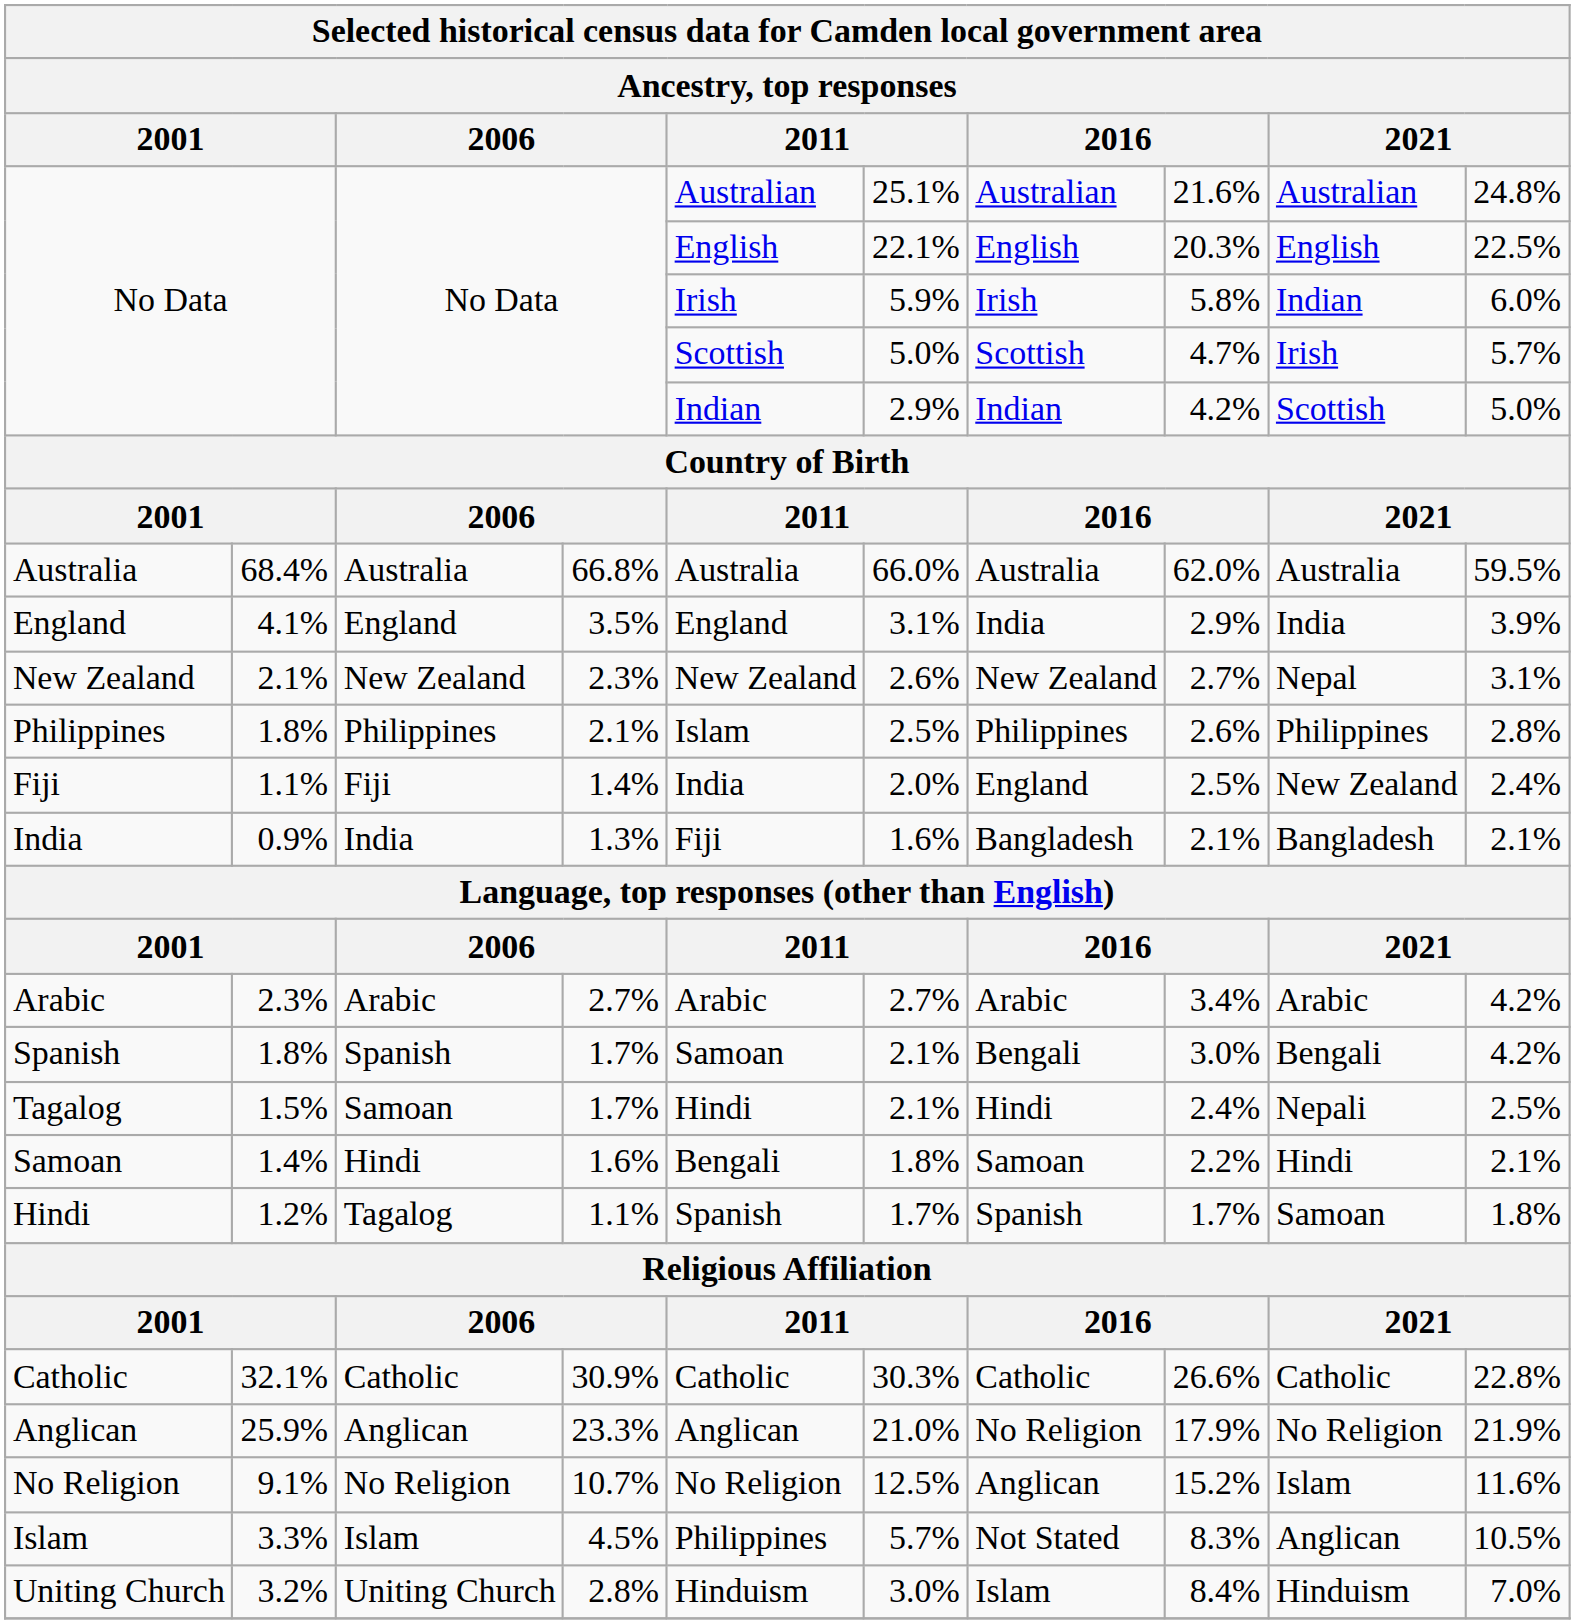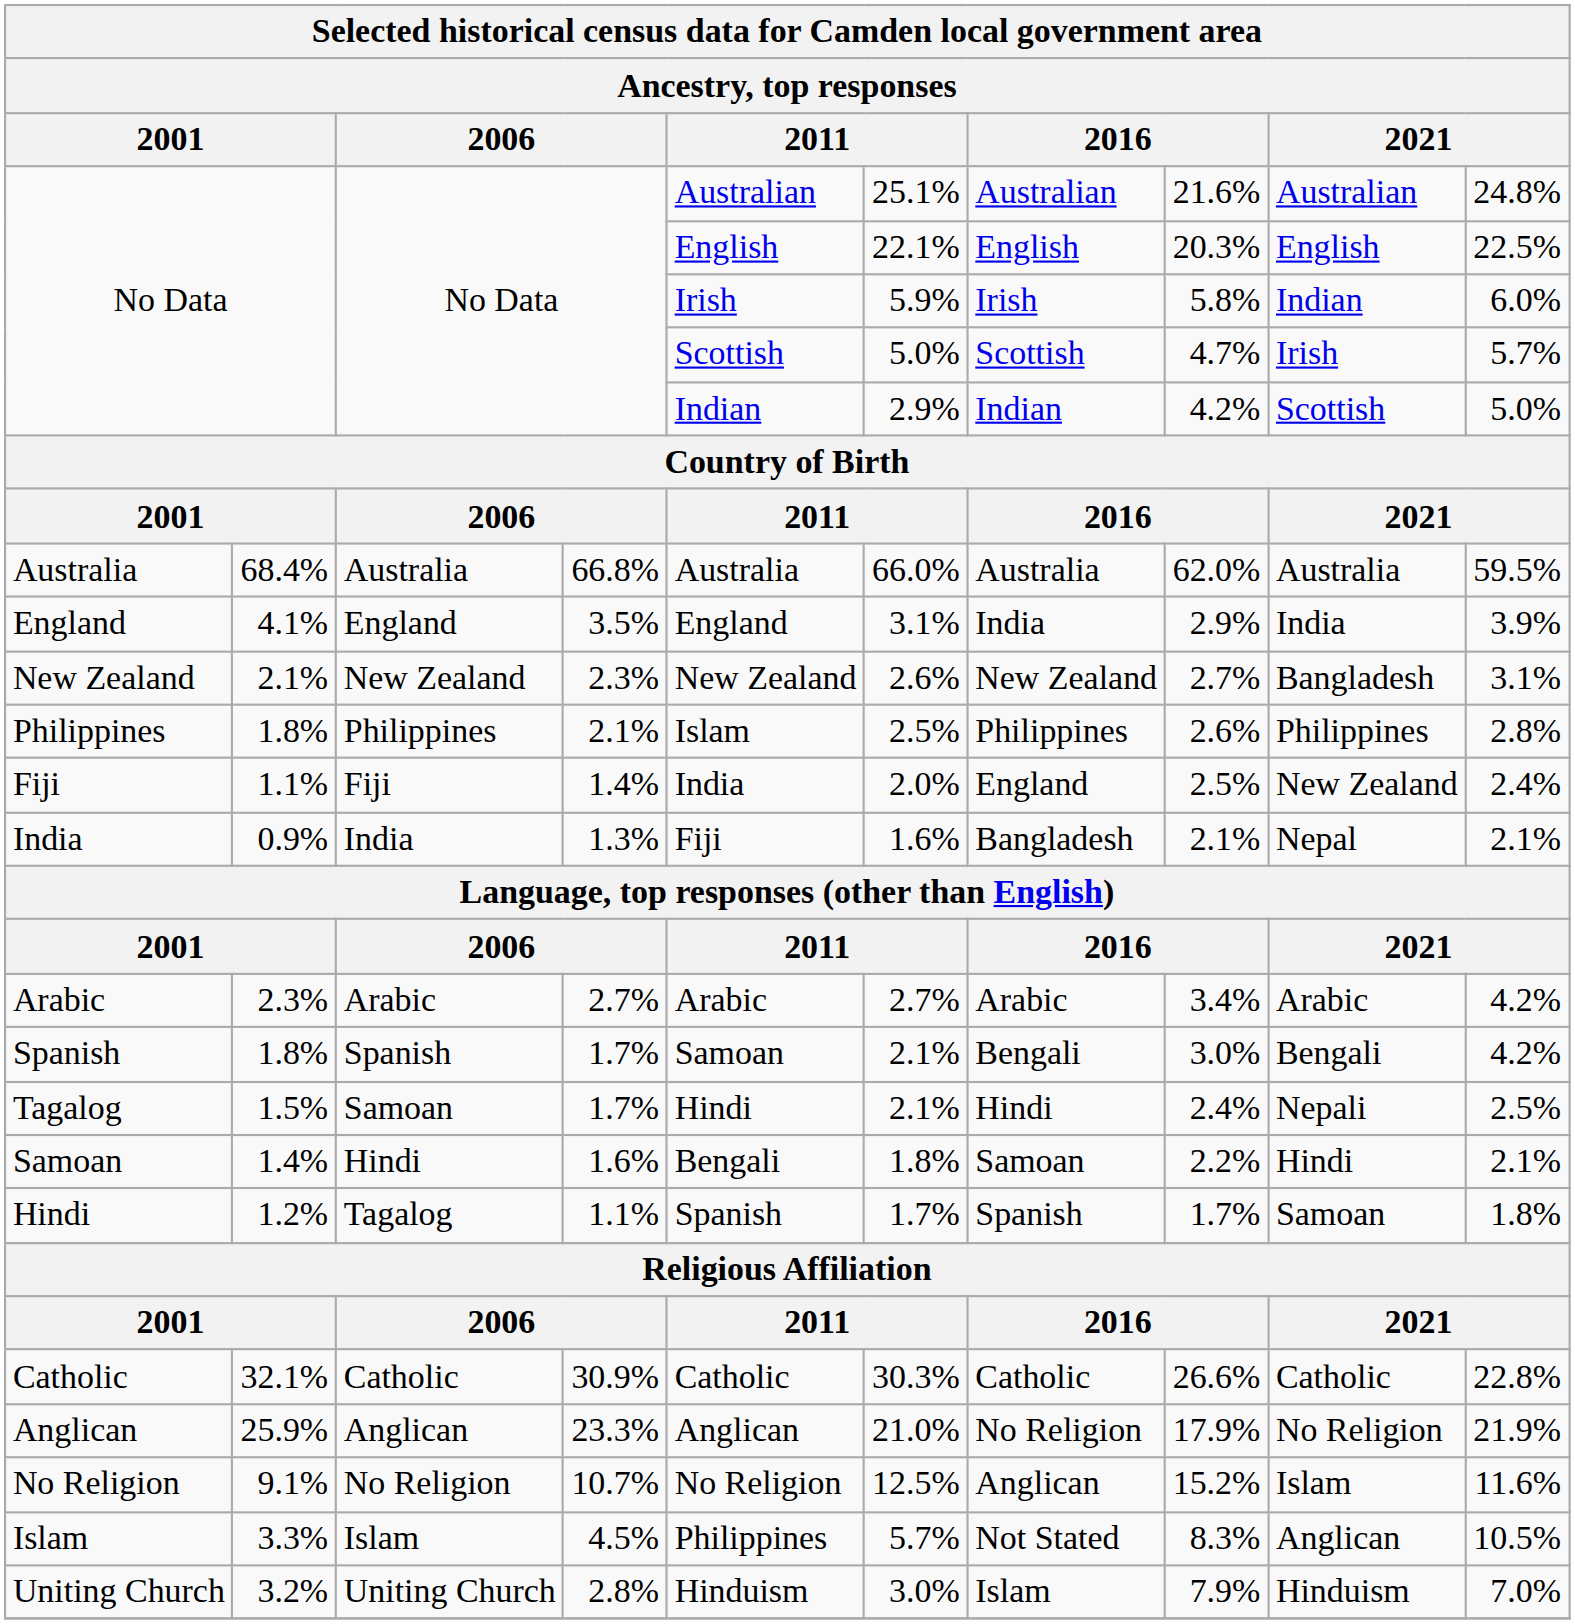 <table class="wikitable">
 <tr>
 <th colspan=10>Selected historical census data for Camden local government area</th>
 </tr>
 <tr>
 <th colspan=10>Ancestry, top responses</th>
 </tr>
 <tr>
 <th colspan=2>2001</th>
 <th colspan=2>2006</th>
 <th colspan=2>2011</th>
 <th colspan=2>2016</th>
 <th colspan=2>2021</th>
 </tr>
 <tr>
 <td rowspan=5 colspan= 2 align="center">No Data</td>
 <td rowspan=5 colspan= 2 align="center">No Data</td>
 <td><a href='#'>Australian</a></td>
 <td align="right">25.1%</td>
 <td><a href='#'>Australian</a></td>
 <td align="right"> 21.6%</td>
 <td><a href='#'>Australian</a></td>
 <td align="right"> 24.8%</td>
 </tr>
 <tr>
 <td><a href='#'>English</a></td>
 <td align="right">22.1%</td>
 <td><a href='#'>English</a></td>
 <td align="right"> 20.3%</td>
 <td><a href='#'>English</a></td>
 <td align="right"> 22.5%</td>
 </tr>
 <tr>
 <td><a href='#'>Irish</a></td>
 <td align="right">5.9%</td>
 <td><a href='#'>Irish</a></td>
 <td align="right"> 5.8%</td>
 <td><a href='#'>Indian</a></td>
 <td align="right"> 6.0%</td>
 </tr>
 <tr>
 <td><a href='#'>Scottish</a></td>
 <td align="right">5.0%</td>
 <td><a href='#'>Scottish</a></td>
 <td align="right"> 4.7%</td>
 <td><a href='#'>Irish</a></td>
 <td align="right"> 5.7%</td>
 </tr>
 <tr>
 <td><a href='#'>Indian</a></td>
 <td align="right">2.9%</td>
 <td><a href='#'>Indian</a></td>
 <td align="right"> 4.2%</td>
 <td><a href='#'>Scottish</a></td>
 <td align="right"> 5.0%</td>
 </tr>
 <tr>
 <th colspan=10>Country of Birth</th>
 </tr>
 <tr>
 <th colspan=2>2001</th>
 <th colspan=2>2006</th>
 <th colspan=2>2011</th>
 <th colspan=2>2016</th>
 <th colspan=2>2021</th>
 </tr>
 <tr>
 <td>Australia</td>
 <td align="right">68.4%</td>
 <td>Australia</td>
 <td align="right"> 66.8%</td>
 <td>Australia</td>
 <td align="right"> 66.0%</td>
 <td>Australia</td>
 <td align="right"> 62.0%</td>
 <td>Australia</td>
 <td align="right"> 59.5%</td>
 </tr>
 <tr>
 <td>England</td>
 <td align="right">4.1%</td>
 <td>England</td>
 <td align="right"> 3.5%</td>
 <td>England</td>
 <td align="right"> 3.1%</td>
 <td>India</td>
 <td align="right"> 2.9%</td>
 <td>India</td>
 <td align="right"> 3.9%</td>
 </tr>
 <tr>
 <td>New Zealand</td>
 <td align="right">2.1%</td>
 <td>New Zealand</td>
 <td align="right"> 2.3%</td>
 <td>New Zealand</td>
 <td align="right"> 2.6%</td>
 <td>New Zealand</td>
 <td align="right"> 2.7%</td>
-<td>Nepal</td>
+<td>Bangladesh</td>
 <td align="right"> 3.1%</td>
 </tr>
 <tr>
 <td>Philippines</td>
 <td align="right">1.8%</td>
 <td>Philippines</td>
 <td align="right"> 2.1%</td>
 <td>Islam</td>
 <td align="right"> 2.5%</td>
 <td>Philippines</td>
 <td align="right"> 2.6%</td>
 <td>Philippines</td>
 <td align="right"> 2.8%</td>
 </tr>
 <tr>
 <td>Fiji</td>
 <td align="right">1.1%</td>
 <td>Fiji</td>
 <td align="right"> 1.4%</td>
 <td>India</td>
 <td align="right"> 2.0%</td>
 <td>England</td>
 <td align="right"> 2.5%</td>
 <td>New Zealand</td>
 <td align="right"> 2.4%</td>
 </tr>
 <tr>
 <td>India</td>
 <td align="right">0.9%</td>
 <td>India</td>
 <td align="right"> 1.3%</td>
 <td>Fiji</td>
 <td align="right"> 1.6%</td>
 <td>Bangladesh</td>
 <td align="right"> 2.1%</td>
-<td>Bangladesh</td>
+<td>Nepal</td>
 <td align="right"> 2.1%</td>
 </tr>
 <tr>
 <th colspan=10>Language, top responses (other than <a href='#'>English</a>)</th>
 </tr>
 <tr>
 <th colspan=2>2001</th>
 <th colspan=2>2006</th>
 <th colspan=2>2011</th>
 <th colspan=2>2016</th>
 <th colspan=2>2021</th>
 </tr>
 <tr>
 <td>Arabic</td>
 <td align="right">2.3%</td>
 <td>Arabic</td>
 <td align="right"> 2.7%</td>
 <td>Arabic</td>
 <td align="right"> 2.7%</td>
 <td>Arabic</td>
 <td align="right"> 3.4%</td>
 <td>Arabic</td>
 <td align="right"> 4.2%</td>
 </tr>
 <tr>
 <td>Spanish</td>
 <td align="right">1.8%</td>
 <td>Spanish</td>
 <td align="right"> 1.7%</td>
 <td>Samoan</td>
 <td align="right"> 2.1%</td>
 <td>Bengali</td>
 <td align="right"> 3.0%</td>
 <td>Bengali</td>
 <td align="right"> 4.2%</td>
 </tr>
 <tr>
 <td>Tagalog</td>
 <td align="right">1.5%</td>
 <td>Samoan</td>
 <td align="right"> 1.7%</td>
 <td>Hindi</td>
 <td align="right"> 2.1%</td>
 <td>Hindi</td>
 <td align="right"> 2.4%</td>
 <td>Nepali</td>
 <td align="right"> 2.5%</td>
 </tr>
 <tr>
 <td>Samoan</td>
 <td align="right">1.4%</td>
 <td>Hindi</td>
 <td align="right"> 1.6%</td>
 <td>Bengali</td>
 <td align="right"> 1.8%</td>
 <td>Samoan</td>
 <td align="right"> 2.2%</td>
 <td>Hindi</td>
 <td align="right"> 2.1%</td>
 </tr>
 <tr>
 <td>Hindi</td>
 <td align="right">1.2%</td>
 <td>Tagalog</td>
 <td align="right"> 1.1%</td>
 <td>Spanish</td>
 <td align="right"> 1.7%</td>
 <td>Spanish</td>
 <td align="right"> 1.7%</td>
 <td>Samoan</td>
 <td align="right"> 1.8%</td>
 </tr>
 <tr>
 <th colspan=10>Religious Affiliation</th>
 </tr>
 <tr>
 <th colspan=2>2001</th>
 <th colspan=2>2006</th>
 <th colspan=2>2011</th>
 <th colspan=2>2016</th>
 <th colspan=2>2021</th>
 </tr>
 <tr>
 <td>Catholic</td>
 <td align="right">32.1%</td>
 <td>Catholic</td>
 <td align="right"> 30.9%</td>
 <td>Catholic</td>
 <td align="right"> 30.3%</td>
 <td>Catholic</td>
 <td align="right"> 26.6%</td>
 <td>Catholic</td>
 <td align="right"> 22.8%</td>
 </tr>
 <tr>
 <td>Anglican</td>
 <td align="right">25.9%</td>
 <td>Anglican</td>
 <td align="right"> 23.3%</td>
 <td>Anglican</td>
 <td align="right"> 21.0%</td>
 <td>No Religion</td>
 <td align="right"> 17.9%</td>
 <td>No Religion</td>
 <td align="right"> 21.9%</td>
 </tr>
 <tr>
 <td>No Religion</td>
 <td align="right">9.1%</td>
 <td>No Religion</td>
 <td align="right"> 10.7%</td>
 <td>No Religion</td>
 <td align="right"> 12.5%</td>
 <td>Anglican</td>
 <td align="right"> 15.2%</td>
 <td>Islam</td>
 <td align="right"> 11.6%</td>
 </tr>
 <tr>
 <td>Islam</td>
 <td align="right">3.3%</td>
 <td>Islam</td>
 <td align="right">4.5%</td>
 <td>Philippines</td>
 <td align="right"> 5.7%</td>
 <td>Not Stated</td>
 <td align="right">8.3%</td>
 <td>Anglican</td>
 <td align="right"> 10.5%</td>
 </tr>
 <tr>
 <td>Uniting Church</td>
 <td align="right">3.2%</td>
 <td>Uniting Church</td>
 <td align="right"> 2.8%</td>
 <td>Hinduism</td>
 <td align="right"> 3.0%</td>
 <td>Islam</td>
-<td align="right"> 8.4%</td>
+<td align="right"> 7.9%</td>
 <td>Hinduism</td>
 <td align="right"> 7.0%</td>
 </tr>
 <tr>
 </tr>
 </table>
